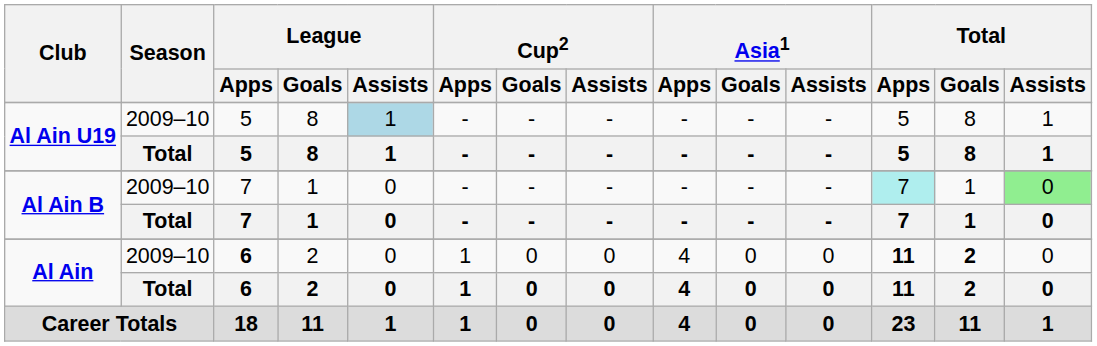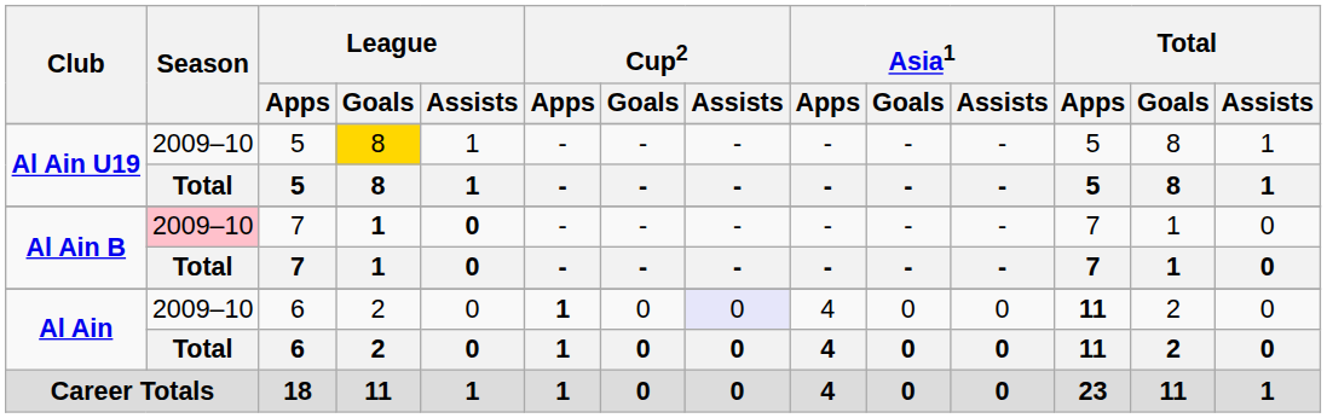 <table class="wikitable" style="text-align: center;">
 <tr>
 <th rowspan="2">Club</th>
 <th rowspan="2">Season</th>
 <th colspan="3">League</th>
 <th colspan="3"><br>Cup<sup>2</sup></th>
 <th colspan="3"><br><a href='#'>Asia</a><sup>1</sup></th>
 <th colspan="3">Total</th>
 </tr>
 <tr>
 <th>Apps</th>
 <th>Goals</th>
 <th>Assists</th>
 <th>Apps</th>
 <th>Goals</th>
 <th>Assists</th>
 <th>Apps</th>
 <th>Goals</th>
 <th>Assists</th>
 <th>Apps</th>
 <th>Goals</th>
 <th>Assists</th>
 </tr>
 <tr>
 </tr>
 <tr align=center>
 <td rowspan="2" align=center valign=center><strong><a href='#'>Al Ain U19</a></strong></td>
 <td>2009–10</td>
 <td>5</td>
-<td>8</td>
-<td style="background: lightblue;">1</td>
+<td style="background: gold;">8</td>
+<td>1</td>
 <td>-</td>
 <td>-</td>
 <td>-</td>
 <td>-</td>
 <td>-</td>
 <td>-</td>
 <td>5</td>
 <td>8</td>
 <td>1</td>
 </tr>
 <tr align=center>
 <th>Total</th>
 <th>5</th>
 <th>8</th>
 <th>1</th>
 <th>-</th>
 <th>-</th>
 <th>-</th>
 <th>-</th>
 <th>-</th>
 <th>-</th>
 <th>5</th>
 <th>8</th>
 <th>1</th>
 </tr>
 <tr>
 </tr>
 <tr align=center>
 <td rowspan="2" align=center valign=center><strong><a href='#'>Al Ain B</a></strong></td>
-<td>2009–10</td>
+<td style="background: pink;">2009–10</td>
 <td>7</td>
-<td>1</td>
-<td>0</td>
+<td><strong>1</strong></td>
+<td><strong>0</strong></td>
 <td>-</td>
 <td>-</td>
 <td>-</td>
 <td>-</td>
 <td>-</td>
 <td>-</td>
-<td style="background: paleturquoise;">7</td>
+<td>7</td>
 <td>1</td>
-<td style="background: lightgreen;">0</td>
+<td>0</td>
 </tr>
 <tr align=center>
 <th>Total</th>
 <th>7</th>
 <th>1</th>
 <th>0</th>
 <th>-</th>
 <th>-</th>
 <th>-</th>
 <th>-</th>
 <th>-</th>
 <th>-</th>
 <th>7</th>
 <th>1</th>
 <th>0</th>
 </tr>
 <tr>
 </tr>
 <tr align=center>
 <td rowspan="2" align=center valign=center><strong><a href='#'>Al Ain</a></strong></td>
 <td>2009–10</td>
-<td><strong>6</strong></td>
+<td>6</td>
 <td>2</td>
 <td>0</td>
-<td>1</td>
+<td><strong>1</strong></td>
 <td>0</td>
-<td>0</td>
+<td style="background: lavender;">0</td>
 <td>4</td>
 <td>0</td>
 <td>0</td>
 <td><strong>11</strong></td>
-<td><strong>2</strong></td>
+<td>2</td>
 <td>0</td>
 </tr>
 <tr align=center>
 <th>Total</th>
 <th>6</th>
 <th>2</th>
 <th>0</th>
 <th>1</th>
 <th>0</th>
 <th>0</th>
 <th>4</th>
 <th>0</th>
 <th>0</th>
 <th>11</th>
 <th>2</th>
 <th>0</th>
 </tr>
 <tr>
 <th style="background: #DCDCDC" colspan="2">Career Totals</th>
 <th style="background: #DCDCDC">18</th>
 <th style="background: #DCDCDC">11</th>
 <th style="background: #DCDCDC">1</th>
 <th style="background: #DCDCDC">1</th>
 <th style="background: #DCDCDC">0</th>
 <th style="background: #DCDCDC">0</th>
 <th style="background: #DCDCDC">4</th>
 <th style="background: #DCDCDC">0</th>
 <th style="background: #DCDCDC">0</th>
 <th style="background: #DCDCDC">23</th>
 <th style="background: #DCDCDC">11</th>
 <th style="background: #DCDCDC">1</th>
 </tr>
 </table>
